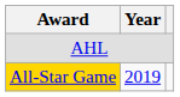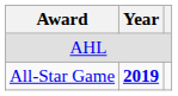 <table class="wikitable">
 <tr>
 <th>Award</th>
 <th>Year</th>
 <th></th>
 </tr>
 <tr ALIGN="center" bgcolor="#e0e0e0">
 <td colspan="3"><a href='#'>AHL</a></td>
 </tr>
 <tr>
-<td style="background: gold;"><a href='#'>All-Star Game</a></td>
-<td><a href='#'>2019</a></td>
+<td><a href='#'>All-Star Game</a></td>
+<td><strong><a href='#'>2019</a></strong></td>
 <td></td>
 </tr>
 </table>
